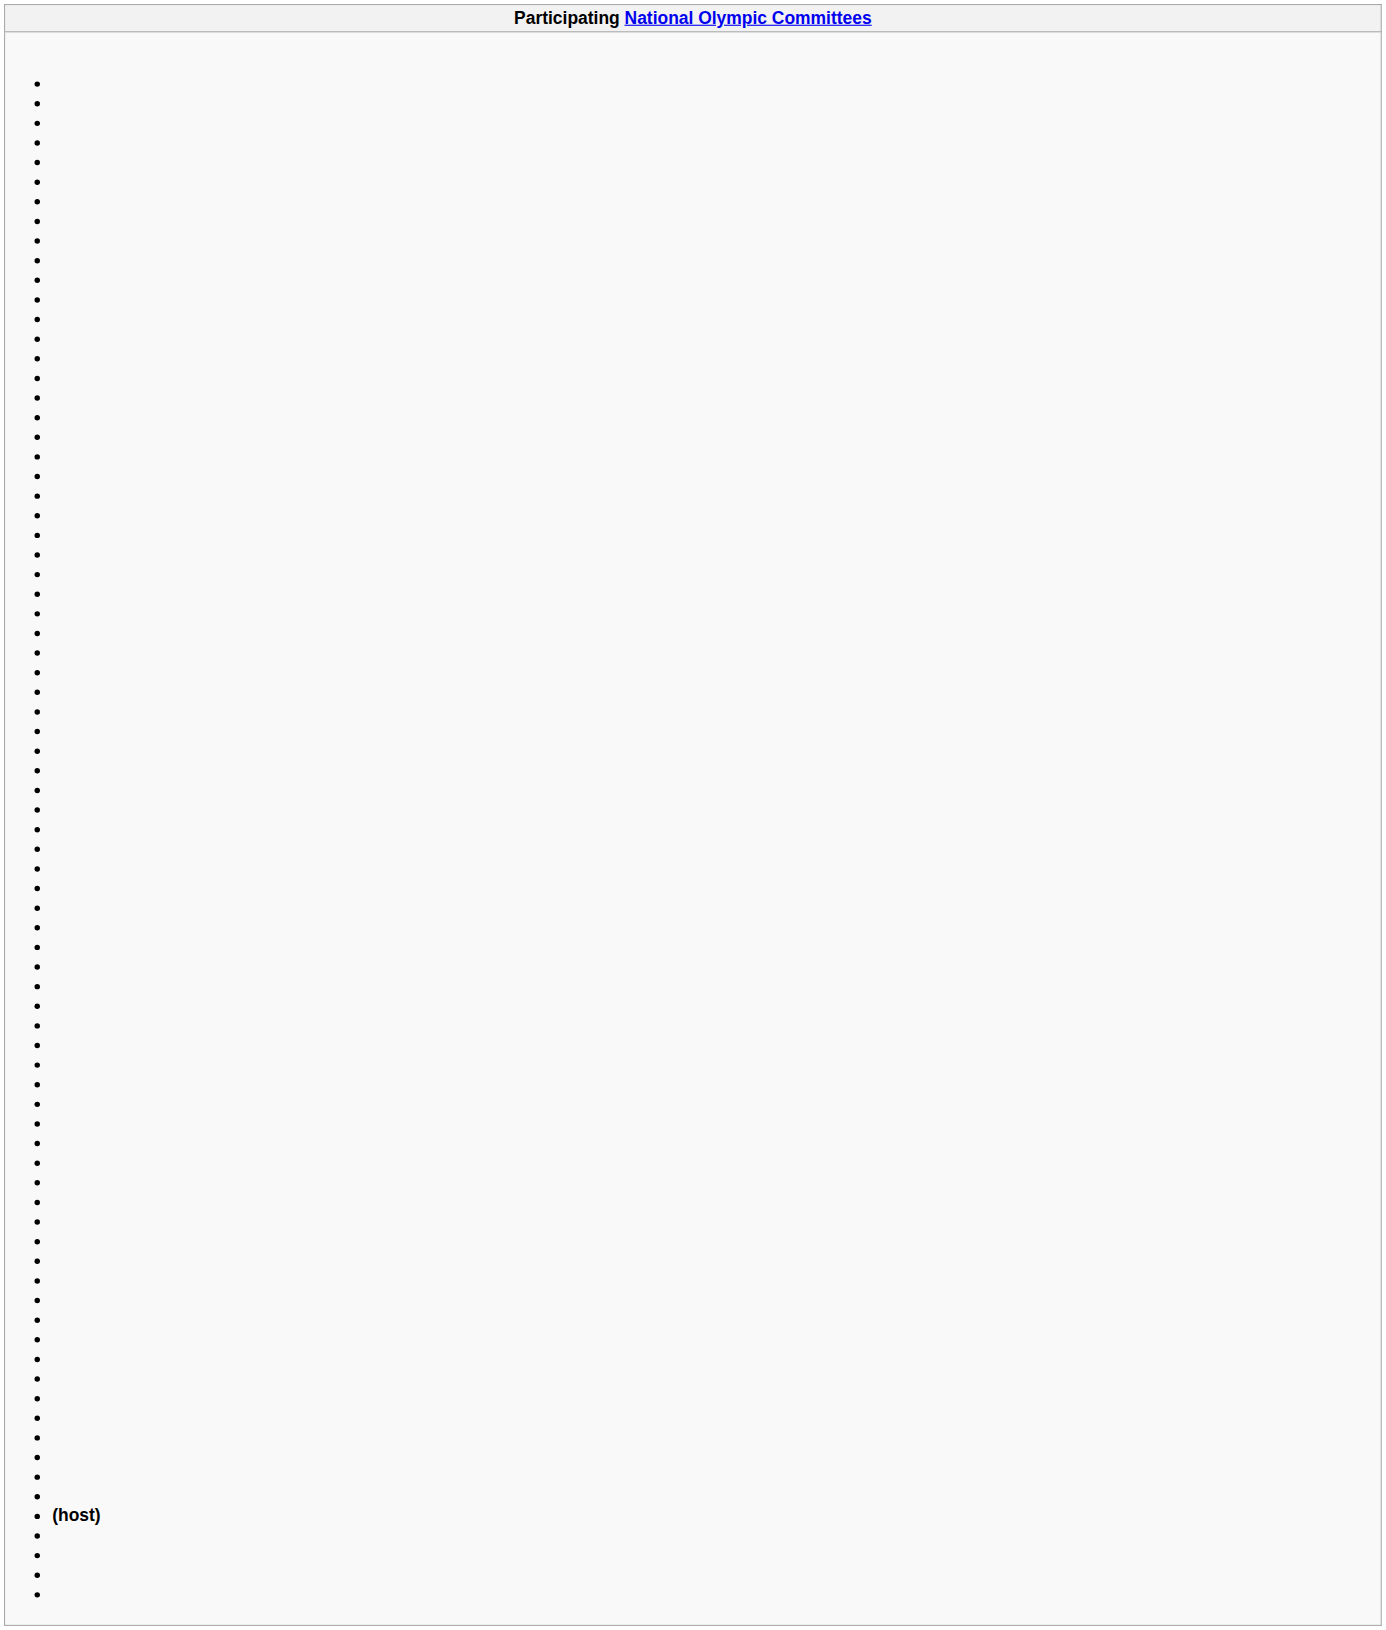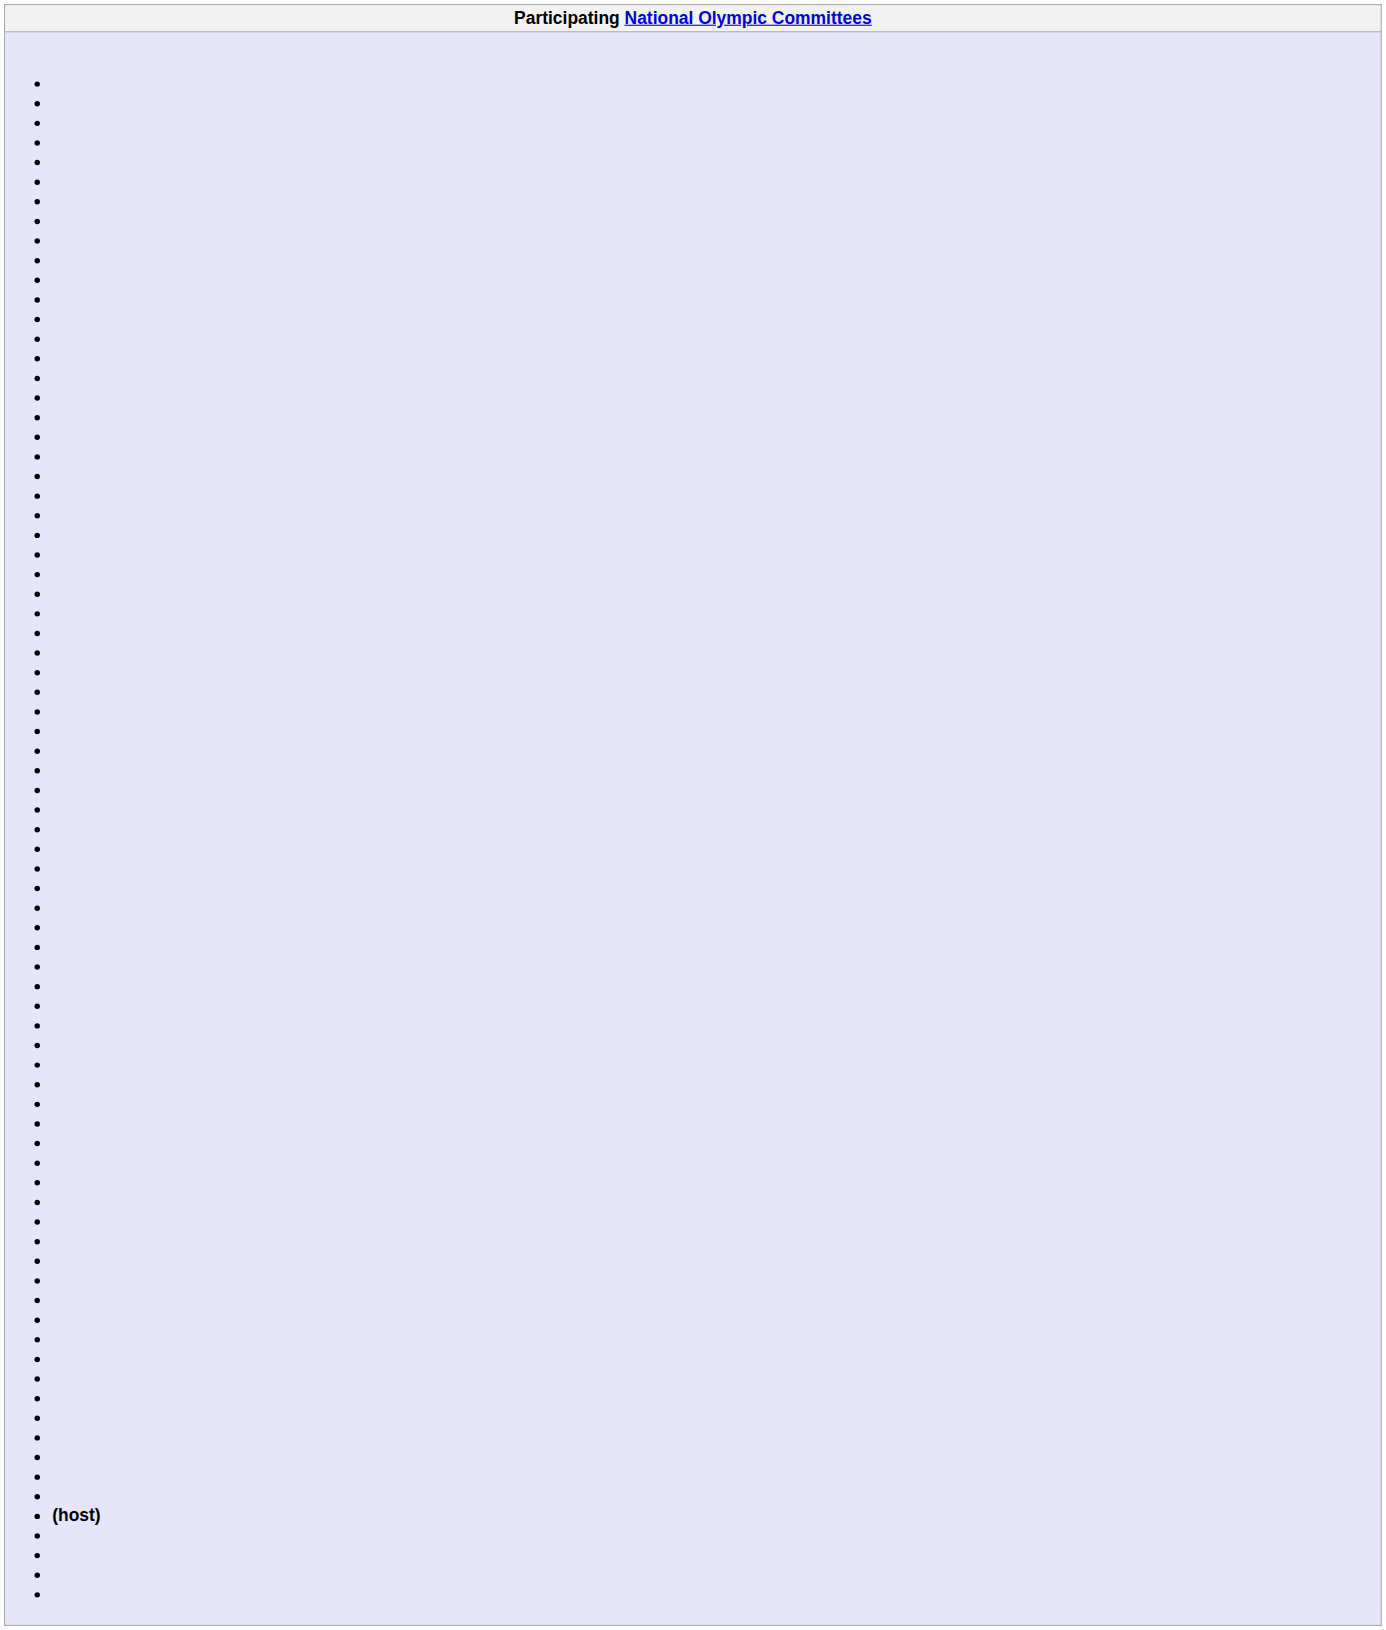 <table class="wikitable collapsible" style="width:100%;">
 <tr>
 <th>Participating <a href='#'>National Olympic Committees</a></th>
 </tr>
 <tr>
-<td><br><ul><li></li><li></li><li></li><li></li><li></li><li></li><li></li><li></li><li></li><li></li><li></li><li></li><li></li><li></li><li></li><li></li><li></li><li></li><li></li><li></li><li></li><li></li><li></li><li></li><li></li><li></li><li></li><li></li><li></li><li></li><li></li><li></li><li></li><li></li><li></li><li></li><li></li><li></li><li></li><li></li><li></li><li></li><li></li><li></li><li></li><li></li><li></li><li></li><li></li><li></li><li></li><li></li><li></li><li></li><li></li><li></li><li></li><li></li><li></li><li></li><li></li><li></li><li></li><li></li><li></li><li></li><li></li><li></li><li></li><li></li><li></li><li></li><li></li><li> <strong>(host)</strong></li><li></li><li></li><li></li><li></li></ul></td>
+<td style="background: lavender;"><br><ul><li></li><li></li><li></li><li></li><li></li><li></li><li></li><li></li><li></li><li></li><li></li><li></li><li></li><li></li><li></li><li></li><li></li><li></li><li></li><li></li><li></li><li></li><li></li><li></li><li></li><li></li><li></li><li></li><li></li><li></li><li></li><li></li><li></li><li></li><li></li><li></li><li></li><li></li><li></li><li></li><li></li><li></li><li></li><li></li><li></li><li></li><li></li><li></li><li></li><li></li><li></li><li></li><li></li><li></li><li></li><li></li><li></li><li></li><li></li><li></li><li></li><li></li><li></li><li></li><li></li><li></li><li></li><li></li><li></li><li></li><li></li><li></li><li></li><li> <strong>(host)</strong></li><li></li><li></li><li></li><li></li></ul></td>
 </tr>
 </table>
